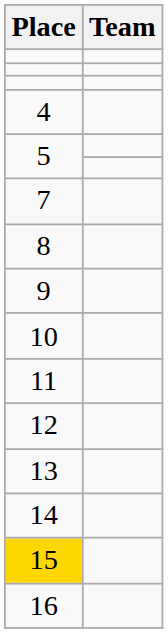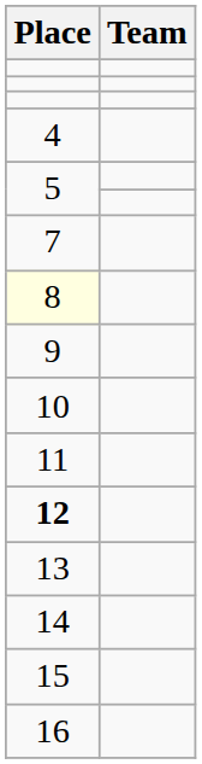 <table class="wikitable">
 <tr>
 <th>Place</th>
 <th>Team</th>
 </tr>
 <tr>
 <td align=center></td>
 <td></td>
 </tr>
 <tr>
 <td align=center></td>
 <td></td>
 </tr>
 <tr>
 <td align=center></td>
 <td></td>
 </tr>
 <tr>
 <td align=center>4</td>
 <td></td>
 </tr>
 <tr>
 <td align=center rowspan=2>5</td>
 <td></td>
 </tr>
 <tr>
 <td></td>
 </tr>
 <tr>
 <td align=center>7</td>
 <td></td>
 </tr>
 <tr>
-<td align=center>8</td>
+<td align=center style="background: lightyellow;">8</td>
 <td></td>
 </tr>
 <tr>
 <td align=center>9</td>
 <td></td>
 </tr>
 <tr>
 <td align=center>10</td>
 <td></td>
 </tr>
 <tr>
 <td align=center>11</td>
 <td></td>
 </tr>
 <tr>
-<td align=center>12</td>
+<td align=center><strong>12</strong></td>
 <td></td>
 </tr>
 <tr>
 <td align=center>13</td>
 <td></td>
 </tr>
 <tr>
 <td align=center>14</td>
 <td></td>
 </tr>
 <tr>
-<td align=center style="background: gold;">15</td>
+<td align=center>15</td>
 <td></td>
 </tr>
 <tr>
 <td align=center>16</td>
 <td></td>
 </tr>
 </table>
